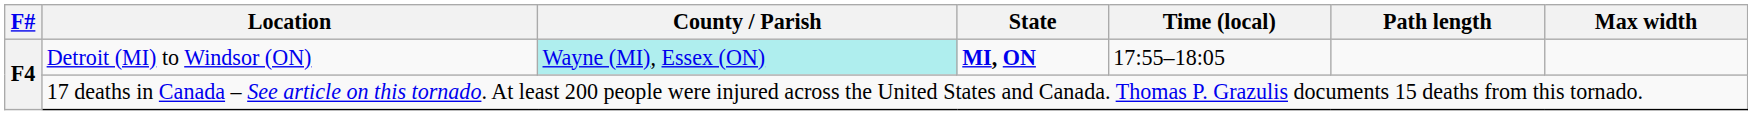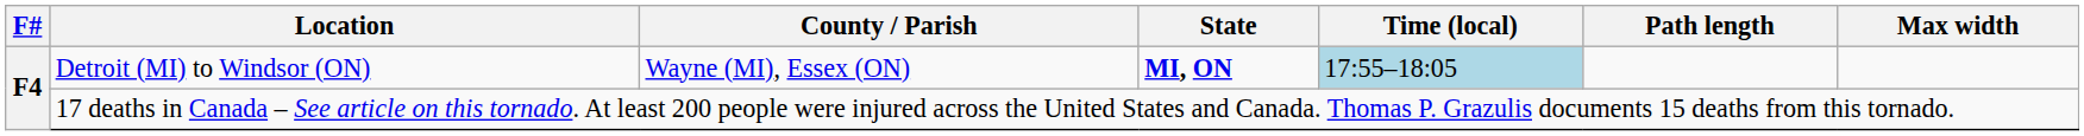 <table class="wikitable sortable" style="width:100%;">
 <tr>
 <th scope="col" align="center"><a href='#'>F#</a><br></th>
 <th scope="col" align="center" class="unsortable">Location</th>
 <th scope="col" align="center" class="unsortable">County / Parish</th>
 <th scope="col" align="center">State</th>
 <th scope="col" align="center">Time (local)</th>
 <th scope="col" align="center">Path length</th>
 <th scope="col" align="center">Max width</th>
 </tr>
 <tr>
 <th scope="row" rowspan="2" style="background-color:#">F4</th>
 <td><a href='#'>Detroit (MI)</a> to <a href='#'>Windsor (ON)</a></td>
-<td style="background: paleturquoise;"><a href='#'>Wayne (MI)</a>, <a href='#'>Essex (ON)</a></td>
+<td><a href='#'>Wayne (MI)</a>, <a href='#'>Essex (ON)</a></td>
 <td><strong><a href='#'>MI</a>, <a href='#'>ON</a></strong></td>
-<td>17:55–18:05</td>
+<td style="background: lightblue;">17:55–18:05</td>
 <td></td>
 <td></td>
 </tr>
 <tr class="expand-child">
 <td colspan="6" style="border-bottom: 1px solid black;">17 deaths in <a href='#'>Canada</a> – <em><a href='#'>See article on this tornado</a></em>. At least 200 people were injured across the United States and Canada. <a href='#'>Thomas P. Grazulis</a> documents 15 deaths from this tornado.</td>
 </tr>
 </table>
